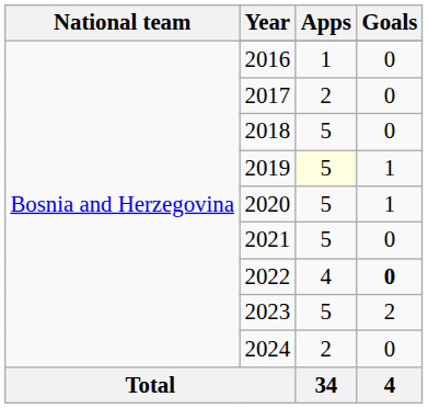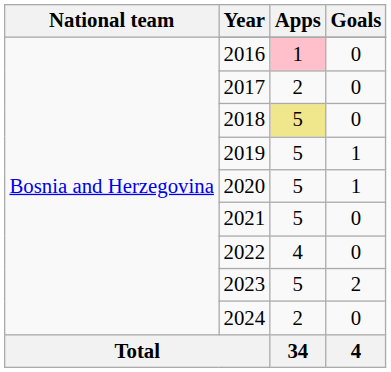 <table class="wikitable" style="text-align:center">
 <tr>
 <th>National team</th>
 <th>Year</th>
 <th>Apps</th>
 <th>Goals</th>
 </tr>
 <tr>
 <td rowspan=10><a href='#'>Bosnia and Herzegovina</a></td>
 </tr>
 <tr>
 <td>2016</td>
-<td>1</td>
+<td style="background: pink;">1</td>
 <td>0</td>
 </tr>
 <tr>
 <td>2017</td>
 <td>2</td>
 <td>0</td>
 </tr>
 <tr>
 <td>2018</td>
-<td>5</td>
+<td style="background: khaki;">5</td>
 <td>0</td>
 </tr>
 <tr>
 <td>2019</td>
-<td style="background: lightyellow;">5</td>
+<td>5</td>
 <td>1</td>
 </tr>
 <tr>
 <td>2020</td>
 <td>5</td>
 <td>1</td>
 </tr>
 <tr>
 <td>2021</td>
 <td>5</td>
 <td>0</td>
 </tr>
 <tr>
 <td>2022</td>
 <td>4</td>
-<td><strong>0</strong></td>
+<td>0</td>
 </tr>
 <tr>
 <td>2023</td>
 <td>5</td>
 <td>2</td>
 </tr>
 <tr>
 <td>2024</td>
 <td>2</td>
 <td>0</td>
 </tr>
 <tr>
 <th colspan=2>Total</th>
 <th>34</th>
 <th>4</th>
 </tr>
 </table>
